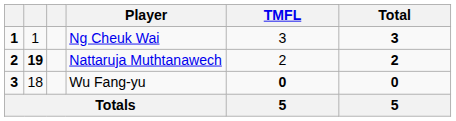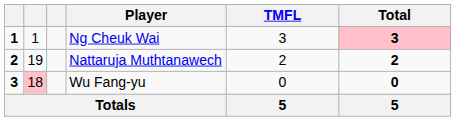 <table class="wikitable" style="text-align:center">
 <tr>
 <th width=15></th>
 <th width=15></th>
 <th width=15></th>
 <th width=175>Player</th>
 <th width=120><a href='#'>TMFL</a></th>
 <th width=120>Total</th>
 </tr>
 <tr>
 <td><strong>1</strong></td>
 <td>1</td>
 <td></td>
 <td align=left><a href='#'>Ng Cheuk Wai</a></td>
 <td>3</td>
-<td><strong>3</strong></td>
+<td style="background: pink;"><strong>3</strong></td>
 </tr>
 <tr>
 <td><strong>2</strong></td>
-<td><strong>19</strong></td>
+<td>19</td>
 <td></td>
 <td align=left><a href='#'>Nattaruja Muthtanawech</a></td>
 <td>2</td>
 <td><strong>2</strong></td>
 </tr>
 <tr>
 <td><strong>3</strong></td>
-<td>18</td>
+<td style="background: pink;">18</td>
 <td></td>
 <td align=left>Wu Fang-yu</td>
-<td><strong>0</strong></td>
+<td>0</td>
 <td><strong>0</strong></td>
 </tr>
 <tr>
 <th colspan=4><strong>Totals</strong></th>
 <th><strong>5</strong></th>
 <th><strong>5</strong></th>
 </tr>
 </table>
